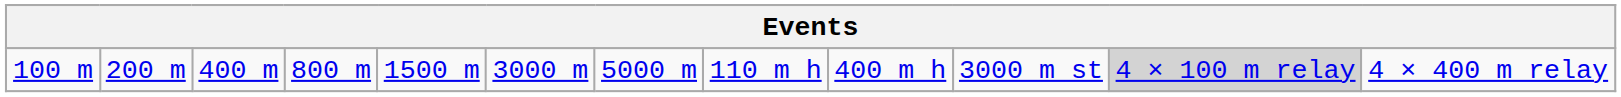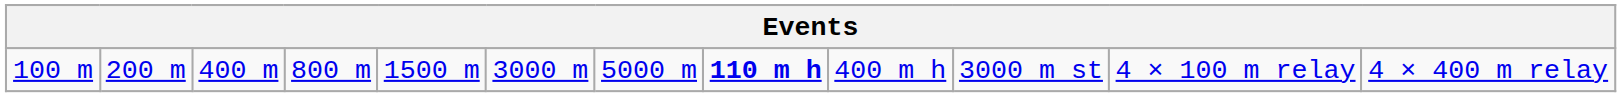 <table class="wikitable" style="margin: 1em auto 1em auto">
 <tr>
 <th colspan=12>Events</th>
 </tr>
 <tr>
 <td><a href='#'>100 m</a></td>
 <td><a href='#'>200 m</a></td>
 <td><a href='#'>400 m</a></td>
 <td><a href='#'>800 m</a></td>
 <td><a href='#'>1500 m</a></td>
 <td><a href='#'>3000 m</a></td>
 <td><a href='#'>5000 m</a></td>
-<td><a href='#'>110 m h</a></td>
+<td><strong><a href='#'>110 m h</a></strong></td>
 <td><a href='#'>400 m h</a></td>
 <td><a href='#'>3000 m st</a></td>
-<td style="background: lightgrey;"><a href='#'>4 × 100 m relay</a></td>
+<td><a href='#'>4 × 100 m relay</a></td>
 <td><a href='#'>4 × 400 m relay</a></td>
 </tr>
 </table>
